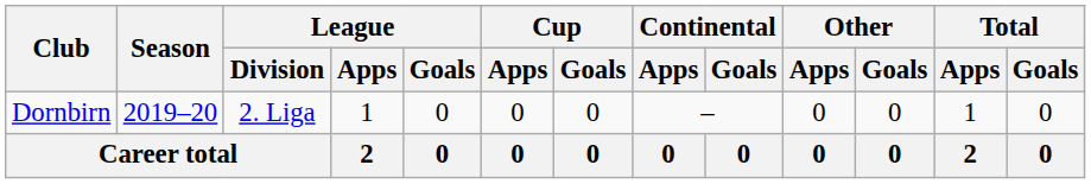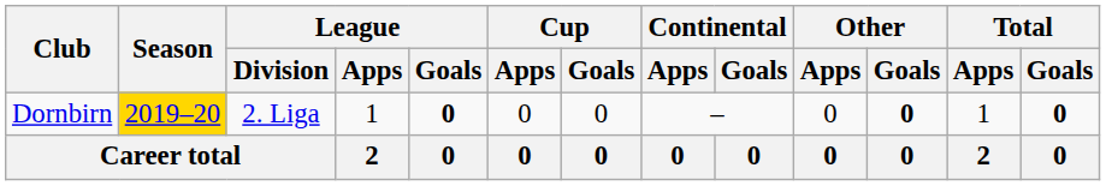 <table class="wikitable" style="text-align: center">
 <tr>
 <th rowspan="2">Club</th>
 <th rowspan="2">Season</th>
 <th colspan="3">League</th>
 <th colspan="2">Cup</th>
 <th colspan="2">Continental</th>
 <th colspan="2">Other</th>
 <th colspan="2">Total</th>
 </tr>
 <tr>
 <th>Division</th>
 <th>Apps</th>
 <th>Goals</th>
 <th>Apps</th>
 <th>Goals</th>
 <th>Apps</th>
 <th>Goals</th>
 <th>Apps</th>
 <th>Goals</th>
 <th>Apps</th>
 <th>Goals</th>
 </tr>
 <tr>
 <td><a href='#'>Dornbirn</a></td>
-<td><a href='#'>2019–20</a></td>
+<td style="background: gold;"><a href='#'>2019–20</a></td>
 <td><a href='#'>2. Liga</a></td>
 <td>1</td>
-<td>0</td>
+<td><strong>0</strong></td>
 <td>0</td>
 <td>0</td>
 <td colspan="2">–</td>
 <td>0</td>
-<td>0</td>
+<td><strong>0</strong></td>
 <td>1</td>
-<td>0</td>
+<td><strong>0</strong></td>
 </tr>
 <tr>
 <th colspan=3>Career total</th>
 <th>2</th>
 <th>0</th>
 <th>0</th>
 <th>0</th>
 <th>0</th>
 <th>0</th>
 <th>0</th>
 <th>0</th>
 <th>2</th>
 <th>0</th>
 </tr>
 </table>
